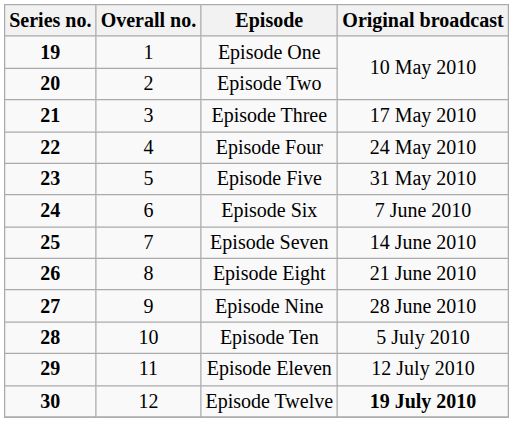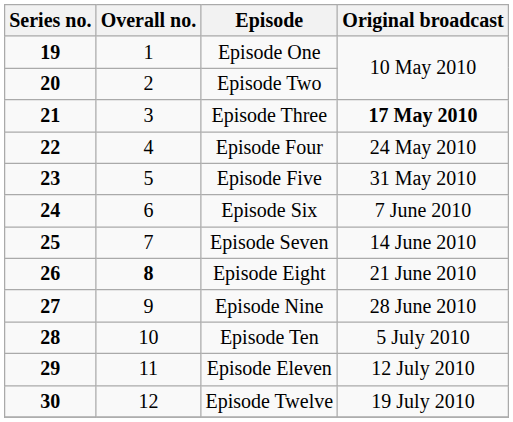 <table class="wikitable" style="text-align:center;">
 <tr>
 <th>Series no.</th>
 <th>Overall no.</th>
 <th>Episode</th>
 <th>Original broadcast</th>
 </tr>
 <tr>
 <td><strong>19</strong></td>
 <td>1</td>
 <td>Episode One</td>
 <td rowspan="2">10 May 2010</td>
 </tr>
 <tr>
 <td><strong>20</strong></td>
 <td>2</td>
 <td>Episode Two</td>
 </tr>
 <tr>
 <td><strong>21</strong></td>
 <td>3</td>
 <td>Episode Three</td>
-<td>17 May 2010</td>
+<td><strong>17 May 2010</strong></td>
 </tr>
 <tr>
 <td><strong>22</strong></td>
 <td>4</td>
 <td>Episode Four</td>
 <td>24 May 2010</td>
 </tr>
 <tr>
 <td><strong>23</strong></td>
 <td>5</td>
 <td>Episode Five</td>
 <td>31 May 2010</td>
 </tr>
 <tr>
 <td><strong>24</strong></td>
 <td>6</td>
 <td>Episode Six</td>
 <td>7 June 2010</td>
 </tr>
 <tr>
 <td><strong>25</strong></td>
 <td>7</td>
 <td>Episode Seven</td>
 <td>14 June 2010</td>
 </tr>
 <tr>
 <td><strong>26</strong></td>
-<td>8</td>
+<td><strong>8</strong></td>
 <td>Episode Eight</td>
 <td>21 June 2010</td>
 </tr>
 <tr>
 <td><strong>27</strong></td>
 <td>9</td>
 <td>Episode Nine</td>
 <td>28 June 2010</td>
 </tr>
 <tr>
 <td><strong>28</strong></td>
 <td>10</td>
 <td>Episode Ten</td>
 <td>5 July 2010</td>
 </tr>
 <tr>
 <td><strong>29</strong></td>
 <td>11</td>
 <td>Episode Eleven</td>
 <td>12 July 2010</td>
 </tr>
 <tr>
 <td><strong>30</strong></td>
 <td>12</td>
 <td>Episode Twelve</td>
-<td><strong>19 July 2010</strong></td>
+<td>19 July 2010</td>
 </tr>
 <tr>
 </tr>
 </table>
